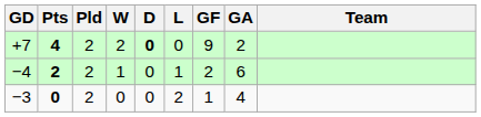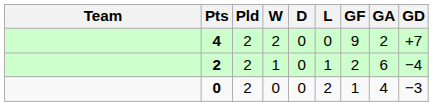 <table class=wikitable style=text-align:center>
 <tr>
-<th width=20>GD</th>
+<th width=200>Team</th>
 <th width=20>Pts</th>
 <th width=20>Pld</th>
 <th width=20>W</th>
 <th width=20>D</th>
 <th width=20>L</th>
 <th width=20>GF</th>
 <th width=20>GA</th>
-<th width=200>Team</th>
+<th width=20>GD</th>
 </tr>
 <tr style="background:#ccffcc;">
-<td>+7</td>
+<td align=left></td>
 <td><strong>4</strong></td>
 <td>2</td>
 <td>2</td>
-<td><strong>0</strong></td>
+<td>0</td>
 <td>0</td>
 <td>9</td>
 <td>2</td>
-<td align=left></td>
+<td>+7</td>
 </tr>
 <tr style="background:#ccffcc;">
-<td>−4</td>
+<td align=left></td>
 <td><strong>2</strong></td>
 <td>2</td>
 <td>1</td>
 <td>0</td>
 <td>1</td>
 <td>2</td>
 <td>6</td>
-<td align=left></td>
+<td>−4</td>
 </tr>
 <tr>
-<td>−3</td>
+<td align=left></td>
 <td><strong>0</strong></td>
 <td>2</td>
 <td>0</td>
 <td>0</td>
 <td>2</td>
 <td>1</td>
 <td>4</td>
-<td align=left></td>
+<td>−3</td>
 </tr>
 </table>
